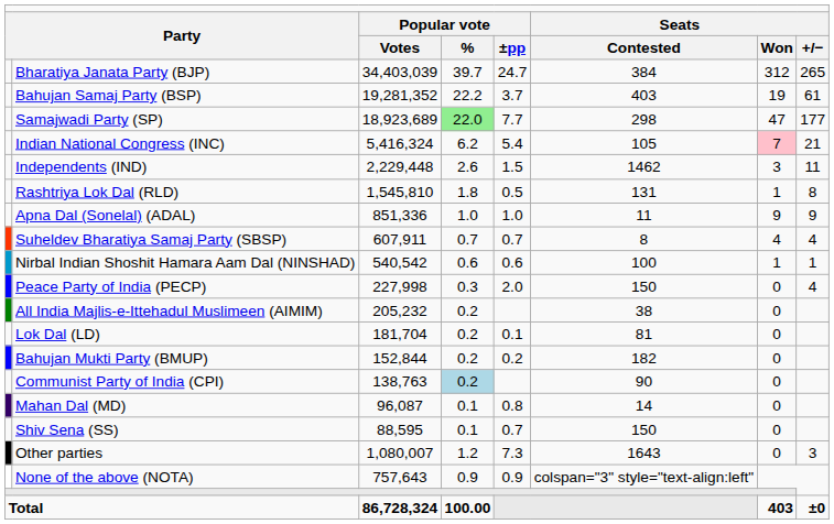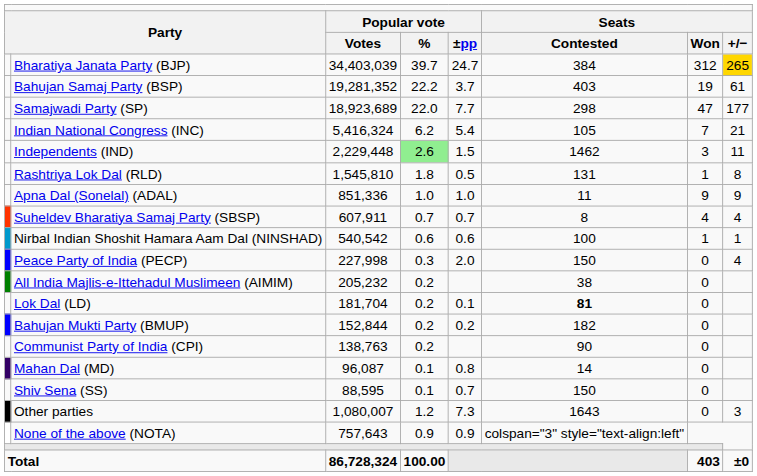 <table class="wikitable" style="text-align:right; font-size:95%;">
 <tr>
 <td colspan="8"></td>
 </tr>
 <tr style="background:#e9e9e9; text-align:center;">
 <th colspan="2" rowspan="2">Party</th>
 <th colspan="3">Popular vote</th>
 <th colspan="3">Seats</th>
 </tr>
 <tr>
 <th>Votes</th>
 <th><strong>%</strong></th>
 <th><strong>±</strong><a href='#'>pp</a></th>
 <th>Contested</th>
 <th>Won</th>
 <th><strong>+/−</strong></th>
 </tr>
 <tr>
 <td style="color:inherit;background:"></td>
 <td style="text-align:left;"><a href='#'>Bharatiya Janata Party</a> (BJP)</td>
 <td style="text-align:center;">34,403,039</td>
 <td style="text-align:center;">39.7</td>
 <td style="text-align:center;">24.7</td>
 <td style="text-align:center;">384</td>
 <td style="text-align:center;">312</td>
-<td style="text-align:center;">265</td>
+<td style="background: gold; text-align:center;">265</td>
 </tr>
 <tr>
 <td style="color:inherit;background:"></td>
 <td style="text-align:left;"><a href='#'>Bahujan Samaj Party</a> (BSP)</td>
 <td style="text-align:center;">19,281,352</td>
 <td style="text-align:center;">22.2</td>
 <td style="text-align:center;">3.7</td>
 <td style="text-align:center;">403</td>
 <td style="text-align:center;">19</td>
 <td style="text-align:center;">61</td>
 </tr>
 <tr>
 <td style="color:inherit;background:"></td>
 <td style="text-align:left;"><a href='#'>Samajwadi Party</a> (SP)</td>
 <td style="text-align:center;">18,923,689</td>
-<td style="background: lightgreen; text-align:center;">22.0</td>
+<td style="text-align:center;">22.0</td>
 <td style="text-align:center;">7.7</td>
 <td style="text-align:center;">298</td>
 <td style="text-align:center;">47</td>
 <td style="text-align:center;">177</td>
 </tr>
 <tr>
 <td style="color:inherit;background:"></td>
 <td style="text-align:left;"><a href='#'>Indian National Congress</a> (INC)</td>
 <td style="text-align:center;">5,416,324</td>
 <td style="text-align:center;">6.2</td>
 <td style="text-align:center;">5.4</td>
 <td style="text-align:center;">105</td>
-<td style="background: pink; text-align:center;">7</td>
+<td style="text-align:center;">7</td>
 <td style="text-align:center;">21</td>
 </tr>
 <tr>
 <td style="color:inherit;background:"></td>
 <td style="text-align:left;"><a href='#'>Independents</a> (IND)</td>
 <td style="text-align:center;">2,229,448</td>
-<td style="text-align:center;">2.6</td>
+<td style="background: lightgreen; text-align:center;">2.6</td>
 <td style="text-align:center;">1.5</td>
 <td style="text-align:center;">1462</td>
 <td style="text-align:center;">3</td>
 <td style="text-align:center;">11</td>
 </tr>
 <tr>
 <td style="color:inherit;background:"></td>
 <td style="text-align:left;"><a href='#'>Rashtriya Lok Dal</a> (RLD)</td>
 <td style="text-align:center;">1,545,810</td>
 <td style="text-align:center;">1.8</td>
 <td style="text-align:center;">0.5</td>
 <td style="text-align:center;">131</td>
 <td style="text-align:center;">1</td>
 <td style="text-align:center;">8</td>
 </tr>
 <tr>
 <td style="color:inherit;background:"></td>
 <td style="text-align:left;"><a href='#'>Apna Dal (Sonelal)</a> (ADAL)</td>
 <td style="text-align:center;">851,336</td>
 <td style="text-align:center;">1.0</td>
 <td style="text-align:center;">1.0</td>
 <td style="text-align:center;">11</td>
 <td style="text-align:center;">9</td>
 <td style="text-align:center;">9</td>
 </tr>
 <tr>
 <td style="background:#f30;"></td>
 <td style="text-align:left;"><a href='#'>Suheldev Bharatiya Samaj Party</a> (SBSP)</td>
 <td style="text-align:center;">607,911</td>
 <td style="text-align:center;">0.7</td>
 <td style="text-align:center;">0.7</td>
 <td style="text-align:center;">8</td>
 <td style="text-align:center;">4</td>
 <td style="text-align:center;">4</td>
 </tr>
 <tr>
 <td style="background:#09c;"></td>
 <td style="text-align:left;">Nirbal Indian Shoshit Hamara Aam Dal (NINSHAD)</td>
 <td style="text-align:center;">540,542</td>
 <td style="text-align:center;">0.6</td>
 <td style="text-align:center;">0.6</td>
 <td style="text-align:center;">100</td>
 <td style="text-align:center;">1</td>
 <td style="text-align:center;">1</td>
 </tr>
 <tr>
 <td style="background:blue;"></td>
 <td style="text-align:left;"><a href='#'>Peace Party of India</a> (PECP)</td>
 <td style="text-align:center;">227,998</td>
 <td style="text-align:center;">0.3</td>
 <td style="text-align:center;">2.0</td>
 <td style="text-align:center;">150</td>
 <td style="text-align:center;">0</td>
 <td style="text-align:center;">4</td>
 </tr>
 <tr>
 <td style="background:green;"></td>
 <td style="text-align:left;"><a href='#'>All India Majlis-e-Ittehadul Muslimeen</a> (AIMIM)</td>
 <td style="text-align:center;">205,232</td>
 <td style="text-align:center;">0.2</td>
 <td style="text-align:center;"></td>
 <td style="text-align:center;">38</td>
 <td style="text-align:center;">0</td>
 <td style="text-align:center;"></td>
 </tr>
 <tr>
 <td></td>
 <td style="text-align:left;"><a href='#'>Lok Dal</a> (LD)</td>
 <td style="text-align:center;">181,704</td>
 <td style="text-align:center;">0.2</td>
 <td style="text-align:center;">0.1</td>
-<td style="text-align:center;">81</td>
+<td style="text-align:center;"><strong>81</strong></td>
 <td style="text-align:center;">0</td>
 <td style="text-align:center;"></td>
 </tr>
 <tr>
 <td style="background:blue;"></td>
 <td style="text-align:left;"><a href='#'>Bahujan Mukti Party</a> (BMUP)</td>
 <td style="text-align:center;">152,844</td>
 <td style="text-align:center;">0.2</td>
 <td style="text-align:center;">0.2</td>
 <td style="text-align:center;">182</td>
 <td style="text-align:center;">0</td>
 <td style="text-align:center;"></td>
 </tr>
 <tr>
 <td style="color:inherit;background:"></td>
 <td style="text-align:left;"><a href='#'>Communist Party of India</a> (CPI)</td>
 <td style="text-align:center;">138,763</td>
-<td style="background: lightblue; text-align:center;">0.2</td>
+<td style="text-align:center;">0.2</td>
 <td style="text-align:center;"></td>
 <td style="text-align:center;">90</td>
 <td style="text-align:center;">0</td>
 <td style="text-align:center;"></td>
 </tr>
 <tr>
 <td style="background:#306;"></td>
 <td style="text-align:left;"><a href='#'>Mahan Dal</a> (MD)</td>
 <td style="text-align:center;">96,087</td>
 <td style="text-align:center;">0.1</td>
 <td style="text-align:center;">0.8</td>
 <td style="text-align:center;">14</td>
 <td style="text-align:center;">0</td>
 <td style="text-align:center;"></td>
 </tr>
 <tr>
 <td style="color:inherit;background:"></td>
 <td style="text-align:left;"><a href='#'>Shiv Sena</a> (SS)</td>
 <td style="text-align:center;">88,595</td>
 <td style="text-align:center;">0.1</td>
 <td style="text-align:center;">0.7</td>
 <td style="text-align:center;">150</td>
 <td style="text-align:center;">0</td>
 <td style="text-align:center;"></td>
 </tr>
 <tr>
 <td style="background:black;"></td>
 <td style="text-align:left;">Other parties</td>
 <td style="text-align:center;">1,080,007</td>
 <td style="text-align:center;">1.2</td>
 <td style="text-align:center;">7.3</td>
 <td style="text-align:center;">1643</td>
 <td style="text-align:center;">0</td>
 <td style="text-align:center;">3</td>
 </tr>
 <tr>
 <td style="background:white;"></td>
 <td style="text-align:left;"><a href='#'>None of the above</a> (NOTA)</td>
 <td style="text-align:center;">757,643</td>
 <td style="text-align:center;">0.9</td>
 <td style="text-align:center;"> 0.9</td>
 <td>colspan="3" style="text-align:left" </td>
 </tr>
 <tr>
 <td colspan="7" style="background:#e9e9e9;"></td>
 </tr>
 <tr style="font-weight:bold;">
 <td colspan="2" style="text-align:left;">Total</td>
 <td>86,728,324</td>
 <td>100.00</td>
 <td colspan="2" style="background:#e9e9e9;"></td>
 <td>403</td>
 <td>±0</td>
 </tr>
 </table>
